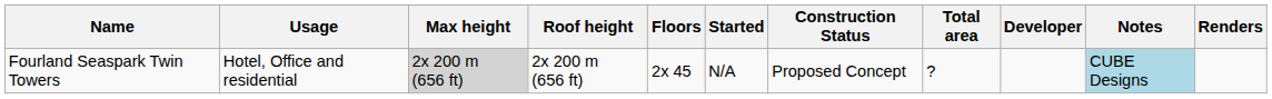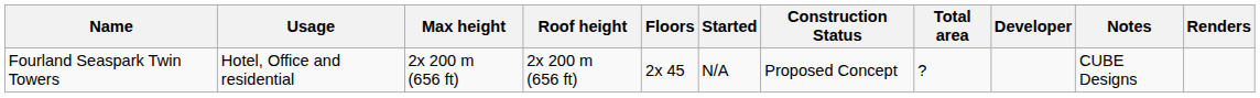 <table class="wikitable sortable">
 <tr>
 <th>Name</th>
 <th>Usage</th>
 <th>Max height</th>
 <th>Roof height</th>
 <th>Floors</th>
 <th>Started</th>
 <th>Construction Status</th>
 <th>Total area</th>
 <th>Developer</th>
 <th>Notes</th>
 <th>Renders</th>
 </tr>
 <tr>
 <td>Fourland Seaspark Twin Towers</td>
 <td>Hotel, Office and residential</td>
-<td style="background: lightgrey;">2x 200 m (656 ft)</td>
+<td>2x 200 m (656 ft)</td>
 <td>2x 200 m (656 ft)</td>
 <td>2x 45</td>
 <td>N/A</td>
 <td>Proposed Concept</td>
 <td>?</td>
 <td></td>
-<td style="background: lightblue;">CUBE Designs</td>
+<td>CUBE Designs</td>
 </tr>
 </table>
